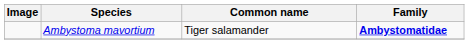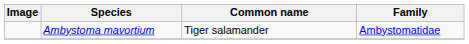 <table class="wikitable">
 <tr>
 <th>Image</th>
 <th>Species</th>
 <th>Common name</th>
 <th>Family</th>
 </tr>
 <tr>
 <td></td>
 <td width=200><em><a href='#'>Ambystoma mavortium</a></em></td>
 <td width=250>Tiger salamander</td>
-<td width=150><strong><a href='#'>Ambystomatidae</a></strong></td>
+<td width=150><a href='#'>Ambystomatidae</a></td>
 </tr>
 <tr>
 </tr>
 </table>
